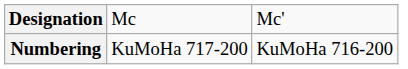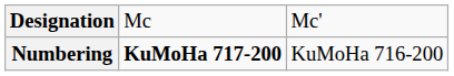 <table class="wikitable">
 <tr>
 <th>Designation</th>
 <td>Mc</td>
 <td>Mc'</td>
 </tr>
 <tr>
 <th>Numbering</th>
-<td>KuMoHa 717-200</td>
+<td><strong>KuMoHa 717-200</strong></td>
 <td>KuMoHa 716-200</td>
 </tr>
 </table>
